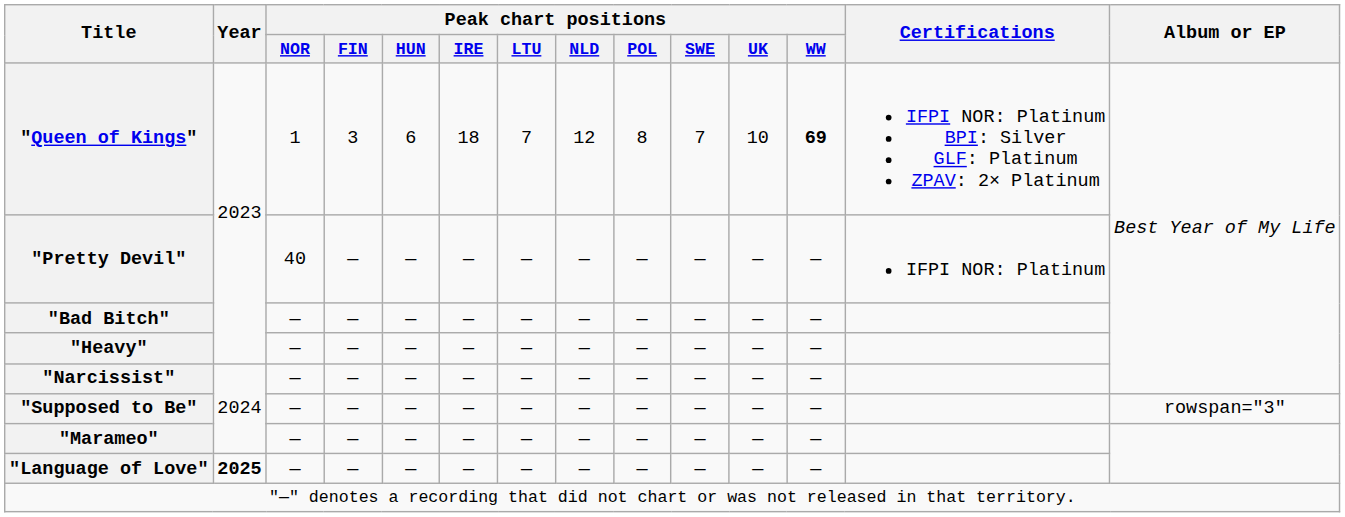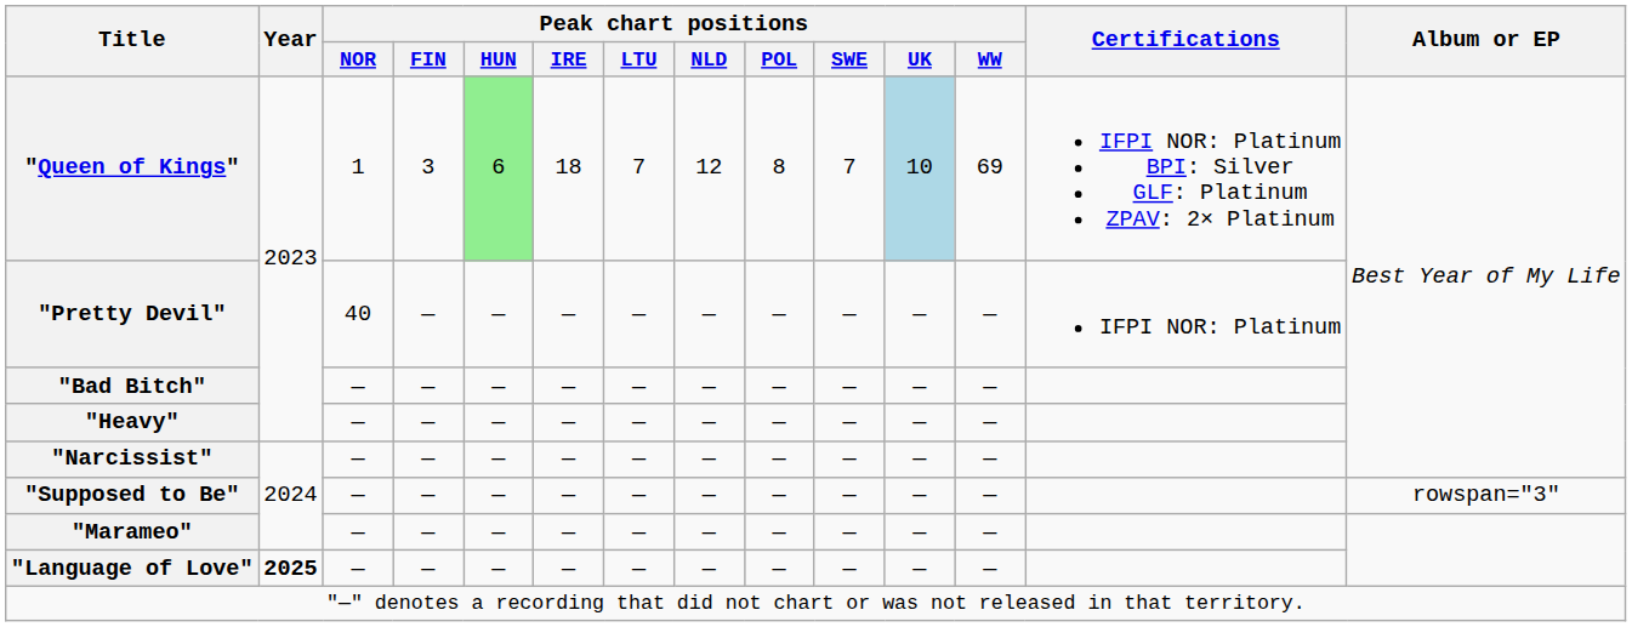 <table class="wikitable plainrowheaders" style="text-align:center;">
 <tr>
 <th scope="col" rowspan="2">Title</th>
 <th scope="col" rowspan="2">Year</th>
 <th scope="col" colspan="10">Peak chart positions</th>
 <th scope="col" rowspan="2"><a href='#'>Certifications</a></th>
 <th scope="col" rowspan="2">Album or EP</th>
 </tr>
 <tr>
 <th style="width:3em;font-size:90%;"><a href='#'>NOR</a><br></th>
 <th style="width:3em;font-size:90%;"><a href='#'>FIN</a><br></th>
 <th style="width:3em;font-size:90%;"><a href='#'>HUN</a><br></th>
 <th style="width:3em;font-size:90%;"><a href='#'>IRE</a><br></th>
 <th style="width:3em;font-size:90%;"><a href='#'>LTU</a><br></th>
 <th style="width:3em;font-size:90%;"><a href='#'>NLD</a><br></th>
 <th style="width:3em;font-size:90%;"><a href='#'>POL</a><br></th>
 <th style="width:3em;font-size:90%;"><a href='#'>SWE</a><br></th>
 <th style="width:3em;font-size:90%;"><a href='#'>UK</a><br></th>
 <th style="width:3em;font-size:90%;"><a href='#'>WW</a><br></th>
 </tr>
 <tr>
 <th scope="row">"<a href='#'>Queen of Kings</a>"</th>
 <td rowspan="4">2023</td>
 <td>1</td>
 <td>3</td>
-<td>6</td>
+<td style="background: lightgreen;">6</td>
 <td>18</td>
 <td>7</td>
 <td>12</td>
 <td>8</td>
 <td>7</td>
-<td>10</td>
-<td><strong>69</strong></td>
+<td style="background: lightblue;">10</td>
+<td>69</td>
 <td><br><ul><li><a href='#'>IFPI</a> NOR: Platinum</li><li><a href='#'>BPI</a>: Silver</li><li><a href='#'>GLF</a>: Platinum</li><li><a href='#'>ZPAV</a>: 2× Platinum</li></ul></td>
 <td rowspan="5"><em>Best Year of My Life</em></td>
 </tr>
 <tr>
 <th scope="row">"Pretty Devil"</th>
 <td>40</td>
 <td>—</td>
 <td>—</td>
 <td>—</td>
 <td>—</td>
 <td>—</td>
 <td>—</td>
 <td>—</td>
 <td>—</td>
 <td>—</td>
 <td><br><ul><li>IFPI NOR: Platinum</li></ul></td>
 </tr>
 <tr>
 <th scope="row">"Bad Bitch"</th>
 <td>—</td>
 <td>—</td>
 <td>—</td>
 <td>—</td>
 <td>—</td>
 <td>—</td>
 <td>—</td>
 <td>—</td>
 <td>—</td>
 <td>—</td>
 <td></td>
 </tr>
 <tr>
 <th scope="row">"Heavy"</th>
 <td>—</td>
 <td>—</td>
 <td>—</td>
 <td>—</td>
 <td>—</td>
 <td>—</td>
 <td>—</td>
 <td>—</td>
 <td>—</td>
 <td>—</td>
 <td></td>
 </tr>
 <tr>
 <th scope="row">"Narcissist"</th>
 <td rowspan="3">2024</td>
 <td>—</td>
 <td>—</td>
 <td>—</td>
 <td>—</td>
 <td>—</td>
 <td>—</td>
 <td>—</td>
 <td>—</td>
 <td>—</td>
 <td>—</td>
 <td></td>
 </tr>
 <tr>
 <th scope="row">"Supposed to Be"</th>
 <td>—</td>
 <td>—</td>
 <td>—</td>
 <td>—</td>
 <td>—</td>
 <td>—</td>
 <td>—</td>
 <td>—</td>
 <td>—</td>
 <td>—</td>
 <td></td>
 <td>rowspan="3" </td>
 </tr>
 <tr>
 <th scope="row">"Marameo"</th>
 <td>—</td>
 <td>—</td>
 <td>—</td>
 <td>—</td>
 <td>—</td>
 <td>—</td>
 <td>—</td>
 <td>—</td>
 <td>—</td>
 <td>—</td>
 <td></td>
 </tr>
 <tr>
 <th scope="row">"Language of Love"</th>
 <td rowspan="1"><strong>2025</strong></td>
 <td>—</td>
 <td>—</td>
 <td>—</td>
 <td>—</td>
 <td>—</td>
 <td>—</td>
 <td>—</td>
 <td>—</td>
 <td>—</td>
 <td>—</td>
 <td></td>
 </tr>
 <tr>
 <td colspan="15" style="font-size:90%">"—" denotes a recording that did not chart or was not released in that territory.</td>
 </tr>
 </table>
